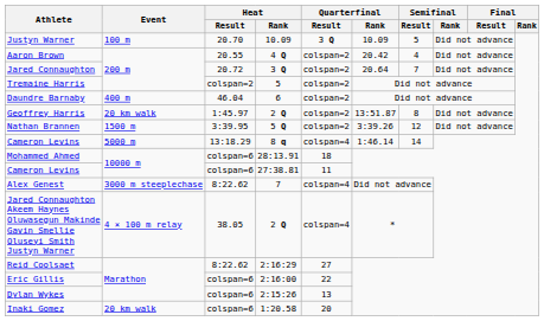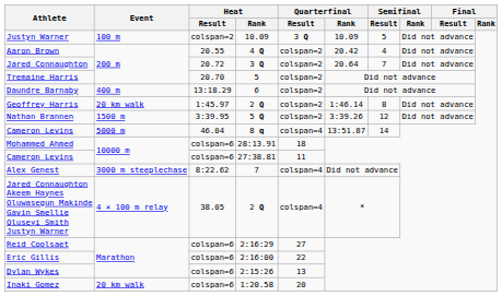 <table class=wikitable style="font-size:90%">
 <tr>
 <th rowspan="2">Athlete</th>
 <th rowspan="2">Event</th>
 <th colspan="2">Heat</th>
 <th colspan="2">Quarterfinal</th>
 <th colspan="2">Semifinal</th>
 <th colspan="2">Final</th>
 </tr>
 <tr style="font-size:95%">
 <th>Result</th>
 <th>Rank</th>
 <th>Result</th>
 <th>Rank</th>
 <th>Result</th>
 <th>Rank</th>
 <th>Result</th>
 <th>Rank</th>
 </tr>
 <tr align=center>
 <td align=left><a href='#'>Justyn Warner</a></td>
 <td align=left><a href='#'>100 m</a></td>
-<td>20.70</td>
+<td>colspan=2 </td>
 <td>10.09</td>
 <td>3 <strong>Q</strong></td>
 <td>10.09</td>
 <td>5</td>
 <td colspan=2>Did not advance</td>
 </tr>
 <tr align=center>
 <td align=left><a href='#'>Aaron Brown</a></td>
 <td align=left rowspan=3><a href='#'>200 m</a></td>
 <td>20.55</td>
 <td>4 <strong>Q</strong></td>
 <td>colspan=2 </td>
 <td>20.42</td>
 <td>4</td>
 <td colspan=2>Did not advance</td>
 </tr>
 <tr align=center>
 <td align=left><a href='#'>Jared Connaughton</a></td>
 <td>20.72</td>
 <td>3 <strong>Q</strong></td>
 <td>colspan=2 </td>
 <td>20.64</td>
 <td>7</td>
 <td colspan=2>Did not advance</td>
 </tr>
 <tr align=center>
 <td align=left><a href='#'>Tremaine Harris</a></td>
-<td>colspan=2 </td>
+<td>20.70</td>
 <td>5</td>
 <td>colspan=2 </td>
 <td colspan=4>Did not advance</td>
 </tr>
 <tr align=center>
 <td align=left><a href='#'>Daundre Barnaby</a></td>
 <td align=left><a href='#'>400 m</a></td>
-<td>46.04</td>
+<td>13:18.29</td>
 <td>6</td>
 <td>colspan=2 </td>
 <td colspan=4>Did not advance</td>
 </tr>
 <tr align=center>
 <td align=left><a href='#'>Geoffrey Harris</a></td>
 <td align=left><a href='#'>20 km walk</a></td>
 <td>1:45.97</td>
 <td>2 <strong>Q</strong></td>
 <td>colspan=2 </td>
-<td>13:51.87</td>
+<td>1:46.14</td>
 <td>8</td>
 <td colspan=2>Did not advance</td>
 </tr>
 <tr align=center>
 <td align=left><a href='#'>Nathan Brannen</a></td>
 <td align=left><a href='#'>1500 m</a></td>
 <td>3:39.95</td>
 <td>5 <strong>Q</strong></td>
 <td>colspan=2 </td>
 <td>3:39.26</td>
 <td>12</td>
 <td colspan=2>Did not advance</td>
 </tr>
 <tr align=center>
 <td align=left><a href='#'>Cameron Levins</a></td>
 <td align=left><a href='#'>5000 m</a></td>
-<td>13:18.29</td>
+<td>46.04</td>
 <td>8 <strong>q</strong></td>
 <td>colspan=4 </td>
-<td>1:46.14</td>
+<td>13:51.87</td>
 <td>14</td>
 </tr>
 <tr align=center>
 <td align=left><a href='#'>Mohammed Ahmed</a></td>
 <td align=left rowspan=2><a href='#'>10000 m</a></td>
 <td>colspan=6 </td>
 <td>28:13.91</td>
 <td>18</td>
 </tr>
 <tr align=center>
 <td align=left><a href='#'>Cameron Levins</a></td>
 <td>colspan=6 </td>
 <td>27:38.81</td>
 <td>11</td>
 </tr>
 <tr align=center>
 <td align=left><a href='#'>Alex Genest</a></td>
 <td align=left><a href='#'>3000 m steeplechase</a></td>
 <td>8:22.62</td>
 <td>7</td>
 <td>colspan=4 </td>
 <td align=center colspan=2>Did not advance</td>
 </tr>
 <tr align=center>
 <td align=left><a href='#'>Jared Connaughton</a><br><a href='#'>Akeem Haynes</a><br><a href='#'>Oluwasegun Makinde</a><br><a href='#'>Gavin Smellie</a><br><a href='#'>Oluseyi Smith</a><br><a href='#'>Justyn Warner</a></td>
 <td align=left><a href='#'>4 × 100 m relay</a></td>
 <td>38.05</td>
 <td>2 <strong>Q</strong></td>
 <td>colspan=4 </td>
 <td colspan=2>*</td>
 </tr>
 <tr align=center>
 <td align=left><a href='#'>Reid Coolsaet</a></td>
 <td align=left rowspan=3><a href='#'>Marathon</a></td>
-<td>8:22.62</td>
+<td>colspan=6 </td>
 <td>2:16:29</td>
 <td>27</td>
 </tr>
 <tr align=center>
 <td align=left><a href='#'>Eric Gillis</a></td>
 <td>colspan=6 </td>
 <td>2:16:00</td>
 <td>22</td>
 </tr>
 <tr align=center>
 <td align=left><a href='#'>Dylan Wykes</a></td>
 <td>colspan=6 </td>
 <td>2:15:26</td>
 <td>13</td>
 </tr>
 <tr align=center>
 <td align=left><a href='#'>Inaki Gomez</a></td>
 <td align=left><a href='#'>20 km walk</a></td>
 <td>colspan=6 </td>
 <td>1:20.58</td>
 <td>20</td>
 </tr>
 </table>
